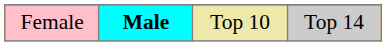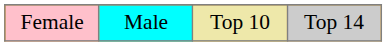 <table border="2" cellpadding="4" style="background:orange; border:1px solid gray; border-collapse:collapse; margin:1em auto; text-align:center;">
 <tr>
 </tr>
 <tr>
 <td style="background:pink;" width="20%">Female</td>
-<td style="background:cyan;" width="20%"><strong>Male</strong></td>
+<td style="background:cyan;" width="20%">Male</td>
 <td style="background:palegoldenrod;" width="20%">Top 10</td>
 <td style="background:#CCCCCC;" width="20%">Top 14</td>
 </tr>
 </table>
